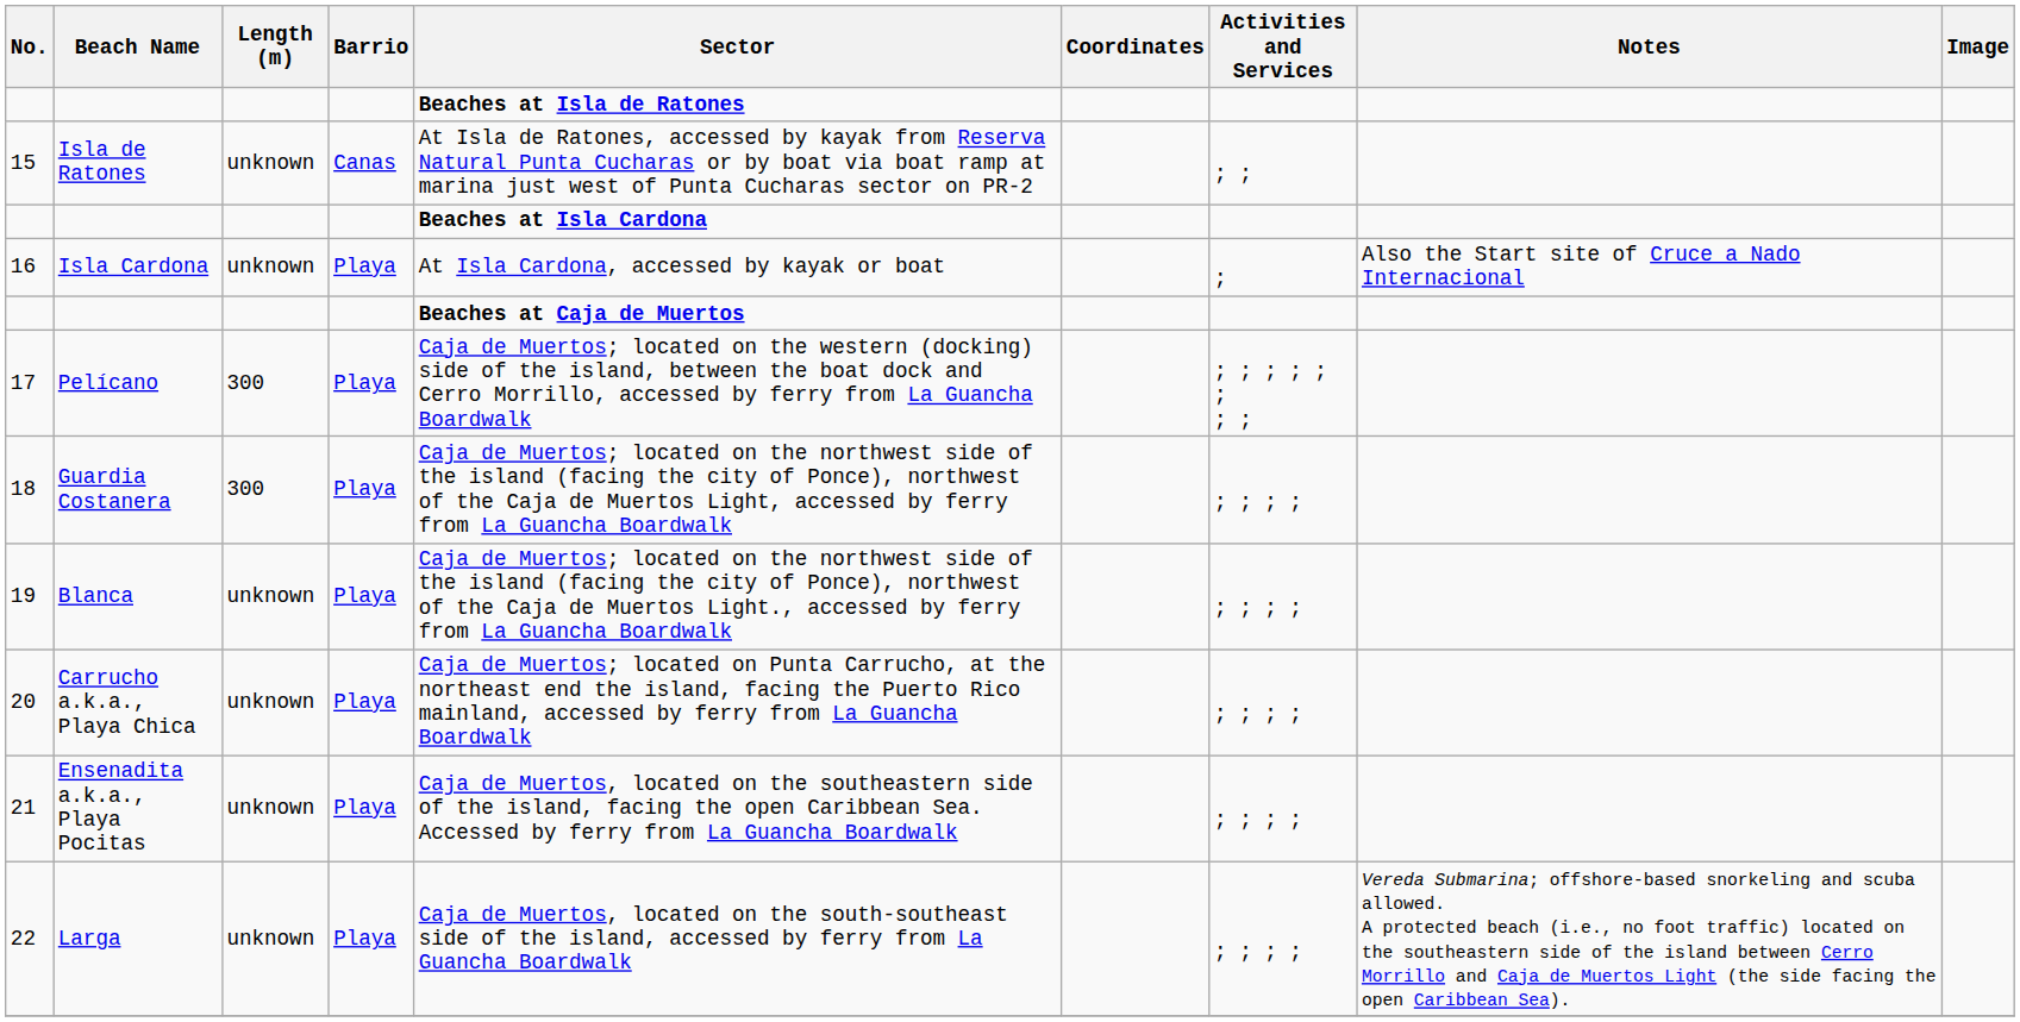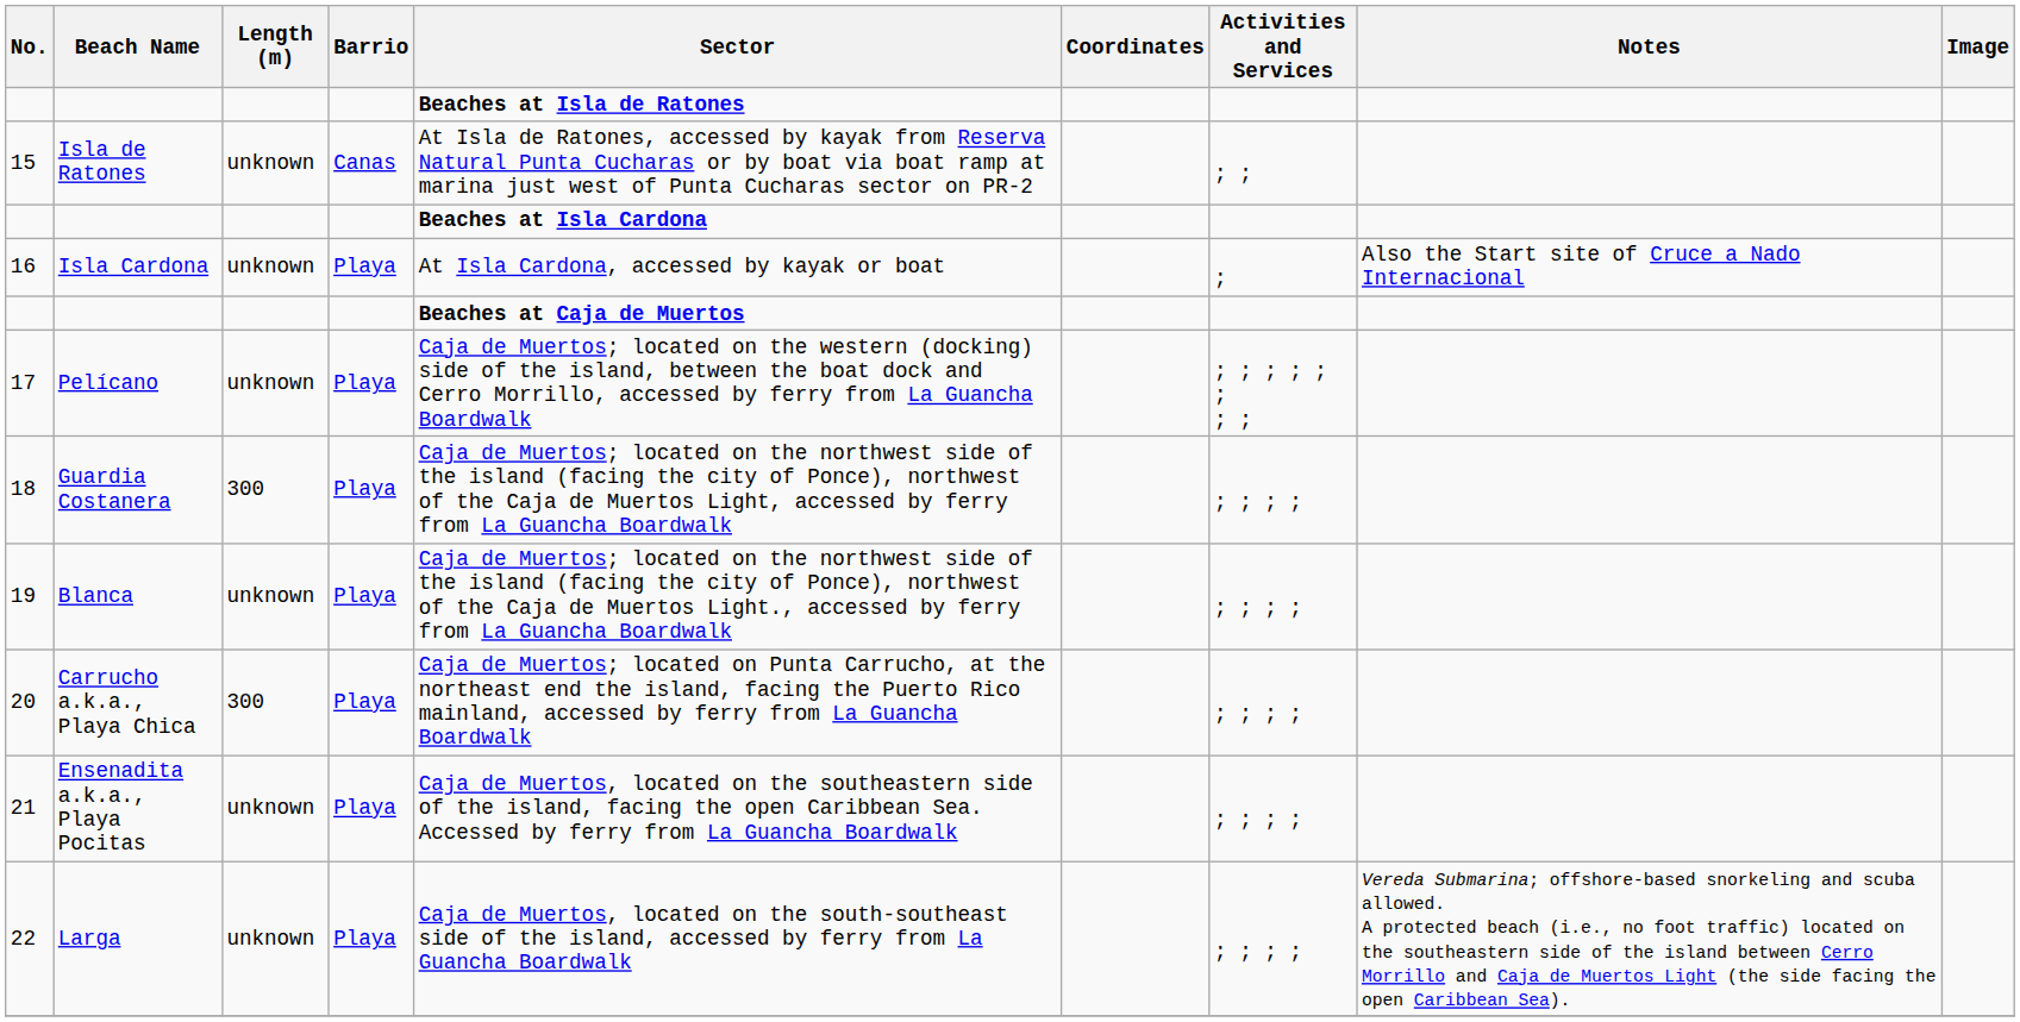 <table class="wikitable sortable">
 <tr>
 <th>No.</th>
 <th>Beach Name</th>
 <th>Length (m)</th>
 <th>Barrio</th>
 <th>Sector</th>
 <th>Coordinates</th>
 <th>Activities and<br>Services</th>
 <th>Notes</th>
 <th>Image</th>
 </tr>
 <tr>
 <td></td>
 <td></td>
 <td></td>
 <td></td>
 <td><strong>Beaches at <a href='#'>Isla de Ratones</a></strong></td>
 <td></td>
 <td></td>
 <td></td>
 </tr>
 <tr>
 <td>15</td>
 <td><a href='#'>Isla de Ratones</a></td>
 <td>unknown</td>
 <td><a href='#'>Canas</a></td>
 <td>At Isla de Ratones, accessed by kayak from <a href='#'>Reserva Natural Punta Cucharas</a> or by boat via boat ramp at marina just west of Punta Cucharas sector on PR-2</td>
 <td></td>
 <td><br>; ; </td>
 <td></td>
 <td></td>
 </tr>
 <tr>
 <td></td>
 <td></td>
 <td></td>
 <td></td>
 <td><strong>Beaches at <a href='#'>Isla Cardona</a></strong></td>
 <td></td>
 <td></td>
 <td></td>
 </tr>
 <tr>
 <td>16</td>
 <td><a href='#'>Isla Cardona</a></td>
 <td>unknown</td>
 <td><a href='#'>Playa</a></td>
 <td>At <a href='#'>Isla Cardona</a>, accessed by kayak or boat</td>
 <td></td>
 <td><br>; </td>
 <td>Also the Start site of <a href='#'>Cruce a Nado Internacional</a></td>
 <td></td>
 </tr>
 <tr>
 <td></td>
 <td></td>
 <td></td>
 <td></td>
 <td><strong>Beaches at <a href='#'>Caja de Muertos</a></strong></td>
 <td></td>
 <td></td>
 <td></td>
 </tr>
 <tr>
 <td>17</td>
 <td><a href='#'>Pelícano</a></td>
-<td>300</td>
+<td>unknown</td>
 <td><a href='#'>Playa</a></td>
 <td><a href='#'>Caja de Muertos</a>; located on the western (docking) side of the island, between the boat dock and Cerro Morrillo, accessed by ferry from <a href='#'>La Guancha Boardwalk</a></td>
 <td></td>
 <td><br>; ; ; ; ; ; <br> ; ; </td>
 <td></td>
 <td></td>
 </tr>
 <tr>
 <td>18</td>
 <td><a href='#'>Guardia Costanera</a></td>
 <td>300</td>
 <td><a href='#'>Playa</a></td>
 <td><a href='#'>Caja de Muertos</a>; located on the northwest side of the island (facing the city of Ponce), northwest of the Caja de Muertos Light, accessed by ferry from <a href='#'>La Guancha Boardwalk</a></td>
 <td></td>
 <td><br>; ; ; ; </td>
 <td></td>
 <td></td>
 </tr>
 <tr>
 <td>19</td>
 <td><a href='#'>Blanca</a></td>
 <td>unknown</td>
 <td><a href='#'>Playa</a></td>
 <td><a href='#'>Caja de Muertos</a>; located on the northwest side of the island (facing the city of Ponce), northwest of the Caja de Muertos Light., accessed by ferry from <a href='#'>La Guancha Boardwalk</a></td>
 <td></td>
 <td><br>; ; ; ; </td>
 <td></td>
 <td></td>
 </tr>
 <tr>
 <td>20</td>
 <td><a href='#'>Carrucho</a><br>a.k.a., Playa Chica </td>
-<td>unknown</td>
+<td>300</td>
 <td><a href='#'>Playa</a></td>
 <td><a href='#'>Caja de Muertos</a>; located on Punta Carrucho, at the northeast end the island, facing the Puerto Rico mainland, accessed by ferry from <a href='#'>La Guancha Boardwalk</a></td>
 <td></td>
 <td><br>; ; ; ; </td>
 <td></td>
 <td></td>
 </tr>
 <tr>
 <td>21</td>
 <td><a href='#'>Ensenadita</a><br>a.k.a., Playa Pocitas</td>
 <td>unknown</td>
 <td><a href='#'>Playa</a></td>
 <td><a href='#'>Caja de Muertos</a>, located on the southeastern side of the island, facing the open Caribbean Sea. Accessed by ferry from <a href='#'>La Guancha Boardwalk</a></td>
 <td></td>
 <td><br>; ; ; ; </td>
 <td></td>
 <td></td>
 </tr>
 <tr>
 <td>22</td>
 <td><a href='#'>Larga</a></td>
 <td>unknown</td>
 <td><a href='#'>Playa</a></td>
 <td><a href='#'>Caja de Muertos</a>, located on the south-southeast side of the island, accessed by ferry from <a href='#'>La Guancha Boardwalk</a></td>
 <td></td>
 <td><br>; ; ; ; </td>
 <td><small><em>Vereda Submarina</em>; offshore-based snorkeling and scuba allowed.<br>A protected beach (i.e., no foot traffic) located on the southeastern side of the island between <a href='#'>Cerro Morrillo</a> and <a href='#'>Caja de Muertos Light</a>  (the side facing the open <a href='#'>Caribbean Sea</a>).</small></td>
 <td></td>
 </tr>
 <tr>
 </tr>
 </table>
